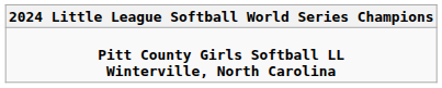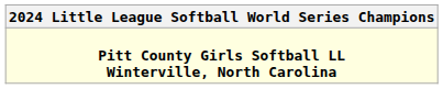 <table class="wikitable" style="text-align: center; margin: 0 auto;">
 <tr>
 <th>2024 Little League Softball World Series Champions</th>
 </tr>
 <tr>
-<td> <br><strong>Pitt County Girls Softball LL</strong><br><strong>Winterville, North Carolina</strong></td>
+<td style="background: lightyellow;"> <br><strong>Pitt County Girls Softball LL</strong><br><strong>Winterville, North Carolina</strong></td>
 </tr>
 </table>
